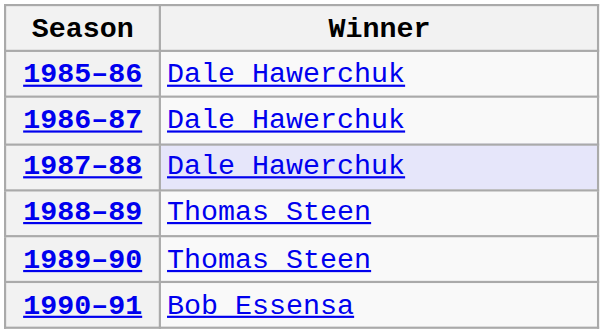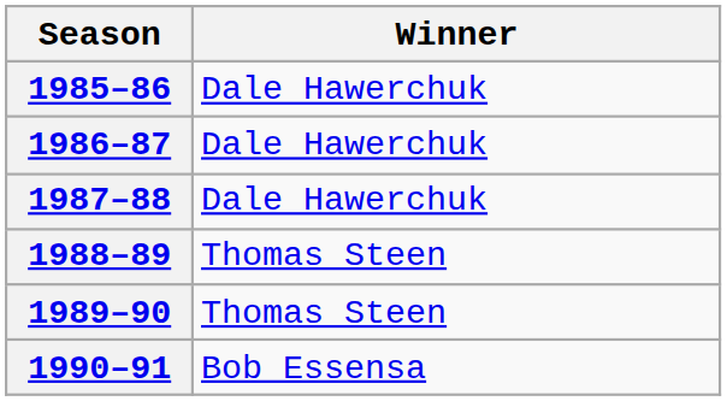 <table class="wikitable">
 <tr>
 <th scope="col" style="width:5em">Season</th>
 <th scope="col" style="width:15em">Winner</th>
 </tr>
 <tr>
 <th scope="row"><a href='#'>1985–86</a></th>
 <td><a href='#'>Dale Hawerchuk</a></td>
 </tr>
 <tr>
 <th scope="row"><a href='#'>1986–87</a></th>
 <td><a href='#'>Dale Hawerchuk</a></td>
 </tr>
 <tr>
 <th scope="row"><a href='#'>1987–88</a></th>
-<td style="background: lavender;"><a href='#'>Dale Hawerchuk</a></td>
+<td><a href='#'>Dale Hawerchuk</a></td>
 </tr>
 <tr>
 <th scope="row"><a href='#'>1988–89</a></th>
 <td><a href='#'>Thomas Steen</a></td>
 </tr>
 <tr>
 <th scope="row"><a href='#'>1989–90</a></th>
 <td><a href='#'>Thomas Steen</a></td>
 </tr>
 <tr>
 <th scope="row"><a href='#'>1990–91</a></th>
 <td><a href='#'>Bob Essensa</a></td>
 </tr>
 </table>
